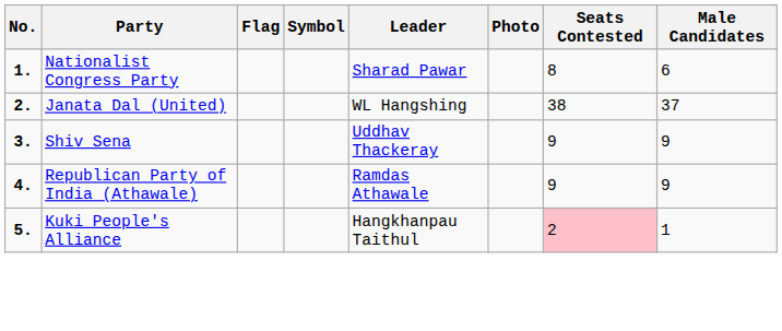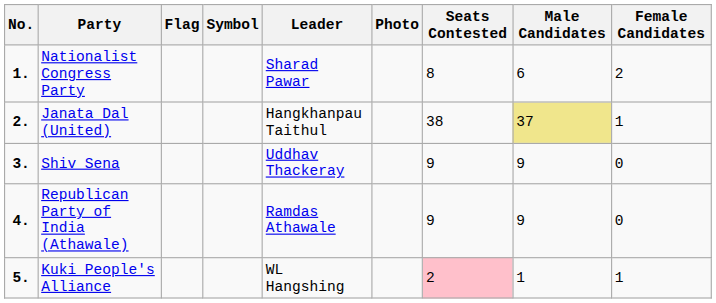 <table class="wikitable"  width="50%">
 <tr>
 <th>No.</th>
 <th>Party</th>
 <th>Flag</th>
 <th>Symbol</th>
 <th>Leader</th>
 <th>Photo</th>
 <th>Seats Contested</th>
 <th>Male Candidates</th>
+<th>Female Candidates</th>
 </tr>
 <tr>
 <td style="text-align:center; background:"><strong>1.</strong></td>
 <td><a href='#'>Nationalist Congress Party</a></td>
 <td></td>
 <td></td>
 <td><a href='#'>Sharad Pawar</a></td>
 <td></td>
 <td>8</td>
 <td>6</td>
+<td>2</td>
 </tr>
 <tr>
 <td ! style="text-align:center; background:"><strong>2.</strong></td>
 <td><a href='#'>Janata Dal (United)</a></td>
 <td></td>
 <td></td>
-<td>WL Hangshing</td>
+<td>Hangkhanpau Taithul</td>
 <td></td>
 <td>38</td>
-<td>37</td>
+<td style="background: khaki;">37</td>
+<td>1</td>
 </tr>
 <tr>
 <td style="text-align:center; background:"><strong>3.</strong></td>
 <td><a href='#'>Shiv Sena</a></td>
 <td></td>
 <td></td>
 <td><a href='#'>Uddhav Thackeray</a></td>
 <td></td>
 <td>9</td>
 <td>9</td>
+<td>0</td>
 </tr>
 <tr>
 <td style="text-align:center; background:"><strong>4.</strong></td>
 <td><a href='#'>Republican Party of India (Athawale)</a></td>
 <td></td>
 <td></td>
 <td><a href='#'>Ramdas Athawale</a></td>
 <td></td>
 <td>9</td>
 <td>9</td>
+<td>0</td>
 </tr>
 <tr>
 <td style="text-align:center; background:"><strong>5.</strong></td>
 <td><a href='#'>Kuki People's Alliance</a></td>
 <td></td>
 <td></td>
-<td>Hangkhanpau Taithul</td>
+<td>WL Hangshing</td>
 <td></td>
 <td style="background: pink;">2</td>
 <td>1</td>
+<td>1</td>
 </tr>
 </table>
